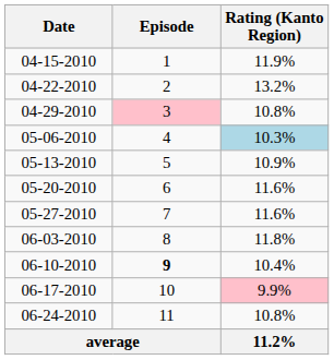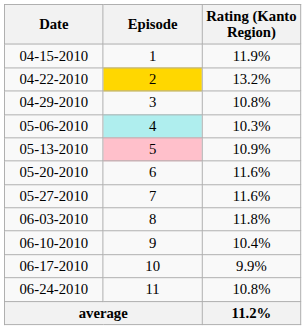 <table class="wikitable">
 <tr>
 <th width=100>Date</th>
 <th width=100>Episode</th>
 <th width=100>Rating (Kanto Region)</th>
 </tr>
 <tr align=center>
 <td>04-15-2010</td>
 <td>1</td>
 <td>11.9%</td>
 </tr>
 <tr align=center>
 <td>04-22-2010</td>
-<td>2</td>
+<td style="background: gold;">2</td>
 <td><span>13.2%</span></td>
 </tr>
 <tr align=center>
 <td>04-29-2010</td>
-<td style="background: pink;">3</td>
+<td>3</td>
 <td>10.8%</td>
 </tr>
 <tr align=center>
 <td>05-06-2010</td>
-<td>4</td>
-<td style="background: lightblue;">10.3%</td>
+<td style="background: paleturquoise;">4</td>
+<td>10.3%</td>
 </tr>
 <tr align=center>
 <td>05-13-2010</td>
-<td>5</td>
+<td style="background: pink;">5</td>
 <td>10.9%</td>
 </tr>
 <tr align=center>
 <td>05-20-2010</td>
 <td>6</td>
 <td>11.6%</td>
 </tr>
 <tr align=center>
 <td>05-27-2010</td>
 <td>7</td>
 <td>11.6%</td>
 </tr>
 <tr align=center>
 <td>06-03-2010</td>
 <td>8</td>
 <td>11.8%</td>
 </tr>
 <tr align=center>
 <td>06-10-2010</td>
-<td><strong>9</strong></td>
+<td>9</td>
 <td>10.4%</td>
 </tr>
 <tr align=center>
 <td>06-17-2010</td>
 <td>10</td>
-<td style="background: pink;"><span>9.9%</span></td>
+<td><span>9.9%</span></td>
 </tr>
 <tr align=center>
 <td>06-24-2010</td>
 <td>11</td>
 <td>10.8%</td>
 </tr>
 <tr align="center">
 <th colspan=2>average</th>
 <th>11.2%</th>
 </tr>
 </table>
